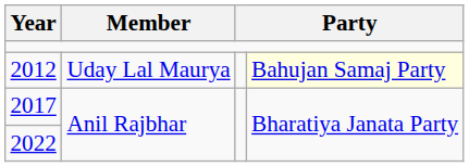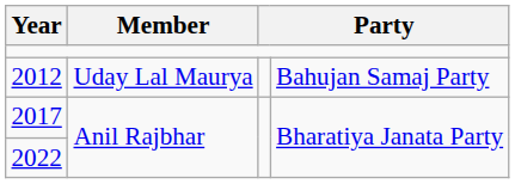 <table class="wikitable">
 <tr>
 <th>Year</th>
 <th>Member</th>
 <th colspan="2">Party</th>
 </tr>
 <tr>
 <td colspan="4"></td>
 </tr>
 <tr>
 <td><a href='#'>2012</a></td>
 <td><a href='#'>Uday Lal Maurya</a></td>
 <td style="background-color: "></td>
-<td style="background: lightyellow;"><a href='#'>Bahujan Samaj Party</a></td>
+<td><a href='#'>Bahujan Samaj Party</a></td>
 </tr>
 <tr>
 <td><a href='#'>2017</a></td>
 <td rowspan="2"><a href='#'>Anil Rajbhar</a></td>
 <td rowspan="2" style="background-color: "></td>
 <td rowspan="2"><a href='#'>Bharatiya Janata Party</a></td>
 </tr>
 <tr>
 <td><a href='#'>2022</a></td>
 </tr>
 </table>
